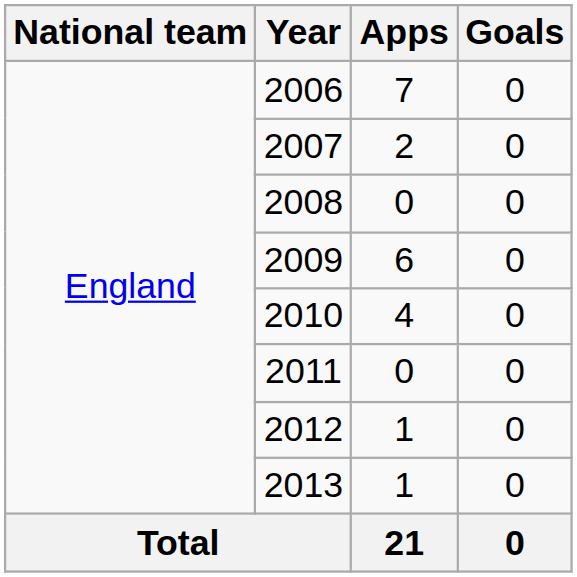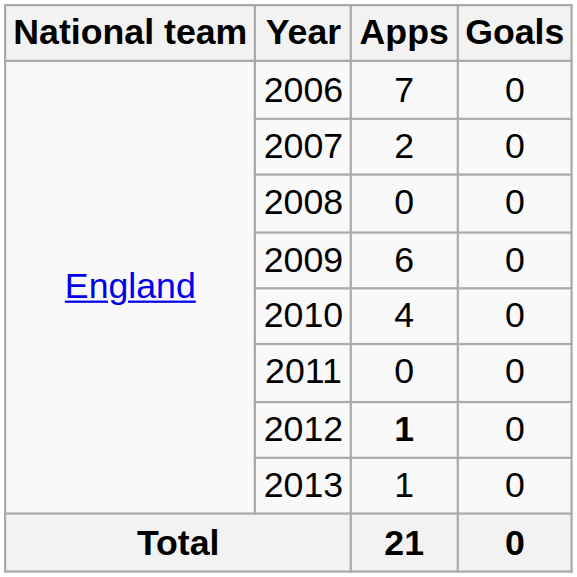 <table class=wikitable style=text-align:center>
 <tr>
 <th>National team</th>
 <th>Year</th>
 <th>Apps</th>
 <th>Goals</th>
 </tr>
 <tr>
 <td rowspan="8"><a href='#'>England</a></td>
 <td>2006</td>
 <td>7</td>
 <td>0</td>
 </tr>
 <tr>
 <td>2007</td>
 <td>2</td>
 <td>0</td>
 </tr>
 <tr>
 <td>2008</td>
 <td>0</td>
 <td>0</td>
 </tr>
 <tr>
 <td>2009</td>
 <td>6</td>
 <td>0</td>
 </tr>
 <tr>
 <td>2010</td>
 <td>4</td>
 <td>0</td>
 </tr>
 <tr>
 <td>2011</td>
 <td>0</td>
 <td>0</td>
 </tr>
 <tr>
 <td>2012</td>
-<td>1</td>
+<td><strong>1</strong></td>
 <td>0</td>
 </tr>
 <tr>
 <td>2013</td>
 <td>1</td>
 <td>0</td>
 </tr>
 <tr>
 <th colspan="2">Total</th>
 <th>21</th>
 <th>0</th>
 </tr>
 </table>
